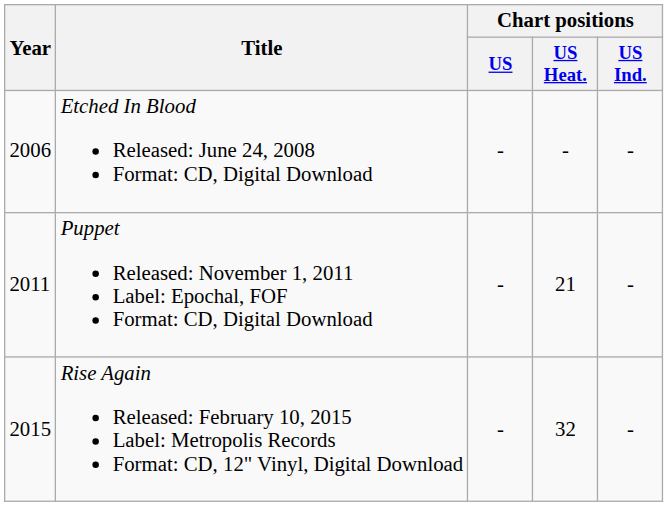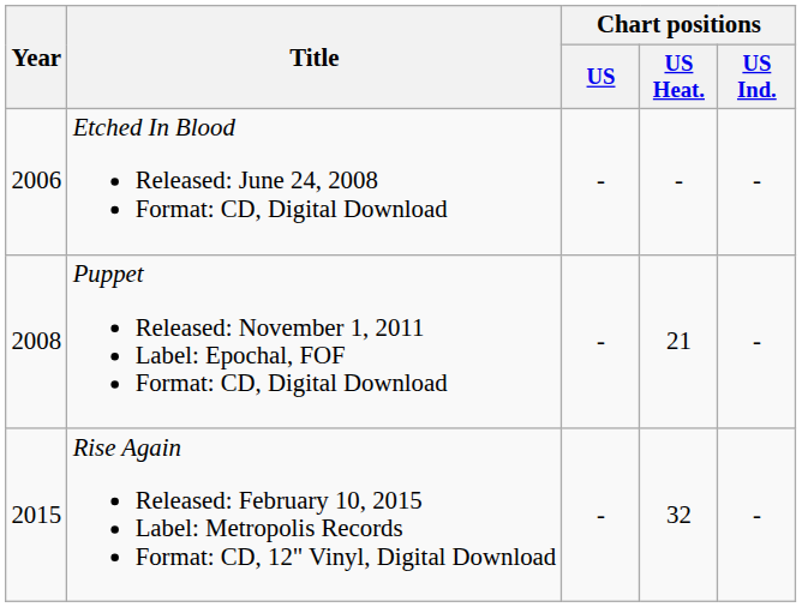 <table class="wikitable">
 <tr>
 <th rowspan="2">Year</th>
 <th rowspan="2">Title</th>
 <th colspan="3">Chart positions</th>
 </tr>
 <tr>
 <th style="width:3em;font-size:90%;"><a href='#'>US</a></th>
 <th style="width:3em;font-size:90%;"><a href='#'>US Heat.</a></th>
 <th style="width:3em;font-size:90%;"><a href='#'>US Ind.</a></th>
 </tr>
 <tr>
 <td>2006</td>
 <td><em>Etched In Blood</em><br><ul><li>Released: June 24, 2008</li><li>Format: CD, Digital Download</li></ul></td>
 <td align="center">-</td>
 <td align="center">-</td>
 <td align="center">-</td>
 </tr>
 <tr>
-<td>2011</td>
+<td>2008</td>
 <td><em>Puppet</em><br><ul><li>Released: November 1, 2011</li><li>Label: Epochal, FOF</li><li>Format: CD, Digital Download</li></ul></td>
 <td align="center">-</td>
 <td align="center">21 </td>
 <td align="center">-</td>
 </tr>
 <tr>
 <td>2015</td>
 <td><em>Rise Again</em><br><ul><li>Released: February 10, 2015</li><li>Label: Metropolis Records</li><li>Format: CD, 12" Vinyl, Digital Download</li></ul></td>
 <td align="center">-</td>
 <td align="center">32 </td>
 <td align="center">-</td>
 </tr>
 </table>
